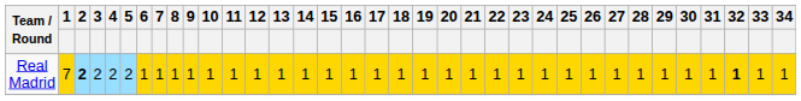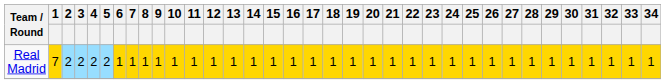 <table class="wikitable sortable" style="text-align:center;">
 <tr>
 <th width="125" rowspan=2 align=left><small>Team /<br> Round</small></th>
 <th width="2">1</th>
 <th width="2">2</th>
 <th width="2">3</th>
 <th width="2">4</th>
 <th width="2">5</th>
 <th width="2">6</th>
 <th width="2">7</th>
 <th width="2">8</th>
 <th width="2">9</th>
 <th width="2">10</th>
 <th width="2">11</th>
 <th width="2">12</th>
 <th width="2">13</th>
 <th width="2">14</th>
 <th width="2">15</th>
 <th width="2">16</th>
 <th width="2">17</th>
 <th width="2">18</th>
 <th width="2">19</th>
 <th width="2">20</th>
 <th width="2">21</th>
 <th width="2">22</th>
 <th width="2">23</th>
 <th width="2">24</th>
 <th width="2">25</th>
 <th width="2">26</th>
 <th width="2">27</th>
 <th width="2">28</th>
 <th width="2">29</th>
 <th width="2">30</th>
 <th width="2">31</th>
 <th width="2">32</th>
 <th width="2">33</th>
 <th width="2">34</th>
 </tr>
 <tr>
 <th width="2"><br></th>
 <th width="2"></th>
 <th width="2"></th>
 <th width="2"></th>
 <th width="2"></th>
 <th width="2"></th>
 <th width="2"></th>
 <th width="2"></th>
 <th width="2"></th>
 <th width="2"></th>
 <th width="2"></th>
 <th width="2"></th>
 <th width="2"></th>
 <th width="2"></th>
 <th width="2"></th>
 <th width="2"></th>
 <th width="2"></th>
 <th width="2"></th>
 <th width="2"></th>
 <th width="2"></th>
 <th width="2"></th>
 <th width="2"></th>
 <th width="2"></th>
 <th width="2"></th>
 <th width="2"></th>
 <th width="2"></th>
 <th width="2"></th>
 <th width="2"></th>
 <th width="2"></th>
 <th width="2"></th>
 <th width="2"></th>
 <th width="2"></th>
 <th width="2"></th>
 <th width="2"></th>
 </tr>
 <tr align="center" width=small>
 <td><a href='#'>Real Madrid</a></td>
 <td style="background: gold;">7</td>
-<td style="background: #97DEFF"><strong>2</strong></td>
+<td style="background: #97DEFF">2</td>
 <td style="background: #97DEFF">2</td>
 <td style="background: #97DEFF">2</td>
 <td style="background: #97DEFF">2</td>
 <td style="background: #FFD700">1</td>
 <td style="background: #FFD700">1</td>
 <td style="background: #FFD700">1</td>
 <td style="background: #FFD700">1</td>
 <td style="background: #FFD700">1</td>
 <td style="background: #FFD700">1</td>
 <td style="background: #FFD700">1</td>
 <td style="background: #FFD700">1</td>
 <td style="background: #FFD700">1</td>
 <td style="background: #FFD700">1</td>
 <td style="background: #FFD700">1</td>
 <td style="background: #FFD700">1</td>
 <td style="background: #FFD700">1</td>
 <td style="background: #FFD700">1</td>
 <td style="background: #FFD700">1</td>
 <td style="background: #FFD700">1</td>
 <td style="background: #FFD700">1</td>
 <td style="background: #FFD700">1</td>
 <td style="background: #FFD700">1</td>
 <td style="background: #FFD700">1</td>
 <td style="background: #FFD700">1</td>
 <td style="background: #FFD700">1</td>
 <td style="background: #FFD700">1</td>
 <td style="background: #FFD700">1</td>
 <td style="background: #FFD700">1</td>
 <td style="background: #FFD700">1</td>
-<td style="background: #FFD700"><strong>1</strong></td>
+<td style="background: #FFD700">1</td>
 <td style="background: #FFD700">1</td>
 <td style="background: #FFD700">1</td>
 </tr>
 <tr>
 </tr>
 </table>
